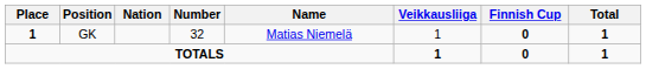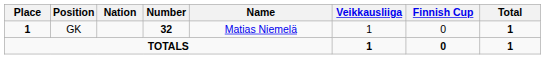 <table class="wikitable" style="font-size: 95%; text-align: center;">
 <tr>
 <th width=60>Place</th>
 <th width=60>Position</th>
 <th width=60>Nation</th>
 <th width=60>Number</th>
 <th width=200>Name</th>
 <th width=100><a href='#'>Veikkausliiga</a></th>
 <th width=100><a href='#'>Finnish Cup</a></th>
 <th width=80><strong>Total</strong></th>
 </tr>
 <tr>
 <td><strong>1</strong></td>
 <td>GK</td>
 <td></td>
-<td>32</td>
+<td><strong>32</strong></td>
 <td><a href='#'>Matias Niemelä</a></td>
 <td>1</td>
-<td><strong>0</strong></td>
+<td>0</td>
 <td><strong>1</strong></td>
 </tr>
 <tr>
 <td colspan="5"><strong>TOTALS</strong></td>
 <td><strong>1</strong></td>
 <td><strong>0</strong></td>
 <td><strong>1</strong></td>
 </tr>
 </table>
